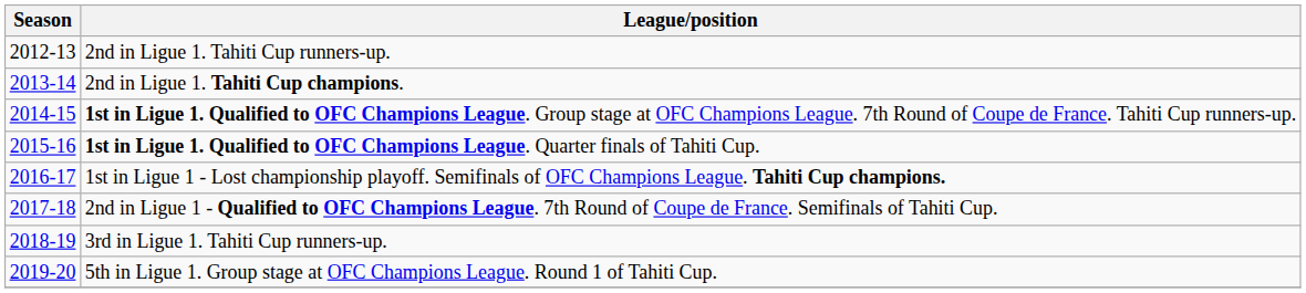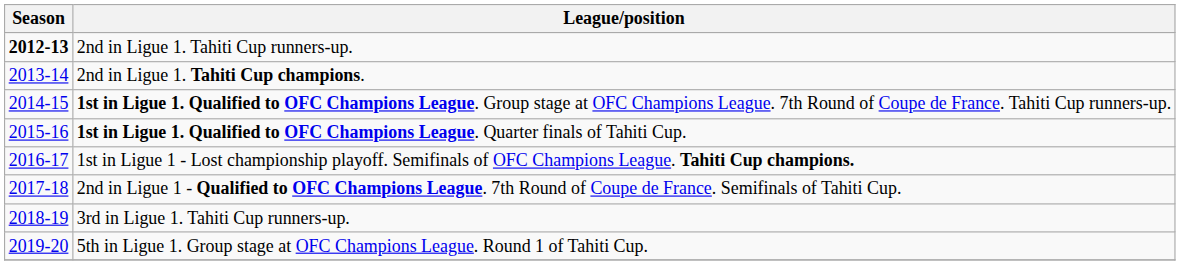 <table class="wikitable sortable">
 <tr>
 <th>Season</th>
 <th>League/position</th>
 </tr>
 <tr>
-<td>2012-13</td>
+<td><strong>2012-13</strong></td>
 <td>2nd in Ligue 1. Tahiti Cup runners-up.</td>
 </tr>
 <tr>
 <td><a href='#'>2013-14</a></td>
 <td>2nd in Ligue 1. <strong>Tahiti Cup champions</strong>.</td>
 </tr>
 <tr>
 <td><a href='#'>2014-15</a></td>
 <td><strong>1st in Ligue 1. Qualified to <a href='#'>OFC Champions League</a></strong>. Group stage at <a href='#'>OFC Champions League</a>. 7th Round of <a href='#'>Coupe de France</a>. Tahiti Cup runners-up.</td>
 </tr>
 <tr>
 <td><a href='#'>2015-16</a></td>
 <td><strong>1st in Ligue 1. Qualified to <a href='#'>OFC Champions League</a></strong>. Quarter finals of Tahiti Cup.</td>
 </tr>
 <tr>
 <td><a href='#'>2016-17</a></td>
 <td>1st in Ligue 1 - Lost championship playoff. Semifinals of <a href='#'>OFC Champions League</a>. <strong>Tahiti Cup champions.</strong></td>
 </tr>
 <tr>
 <td><a href='#'>2017-18</a></td>
 <td>2nd in Ligue 1 - <strong>Qualified to <a href='#'>OFC Champions League</a></strong>. 7th Round of  <a href='#'>Coupe de France</a>. Semifinals of Tahiti Cup.</td>
 </tr>
 <tr>
 <td><a href='#'>2018-19</a></td>
 <td>3rd in Ligue 1. Tahiti Cup runners-up.</td>
 </tr>
 <tr>
 <td><a href='#'>2019-20</a></td>
 <td>5th in Ligue 1. Group stage at <a href='#'>OFC Champions League</a>. Round 1 of Tahiti Cup.</td>
 </tr>
 <tr>
 </tr>
 </table>
